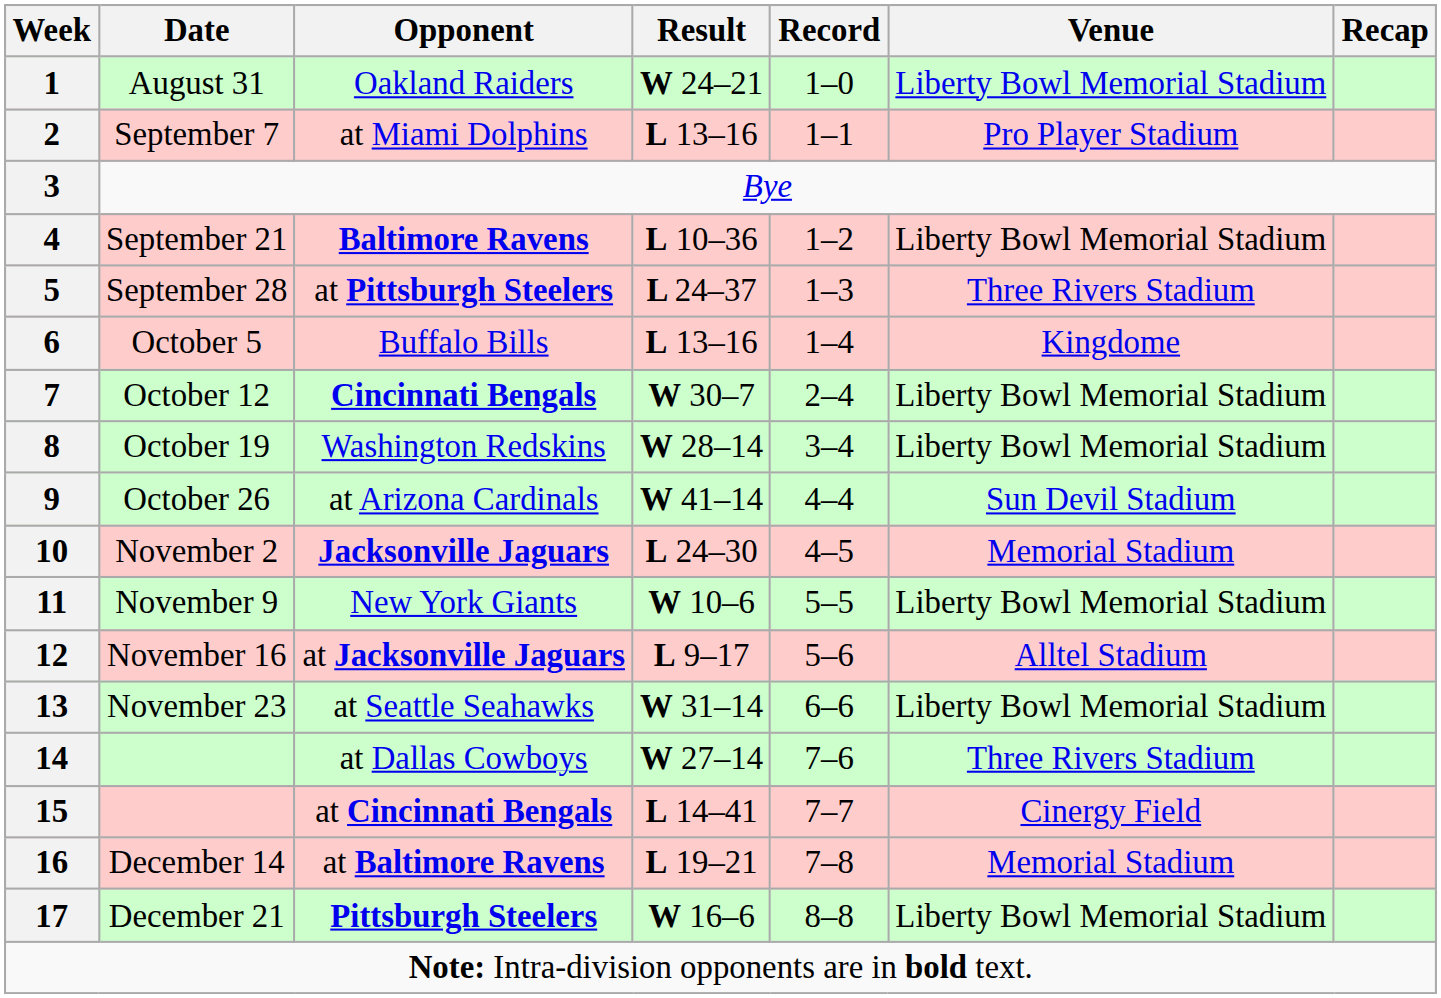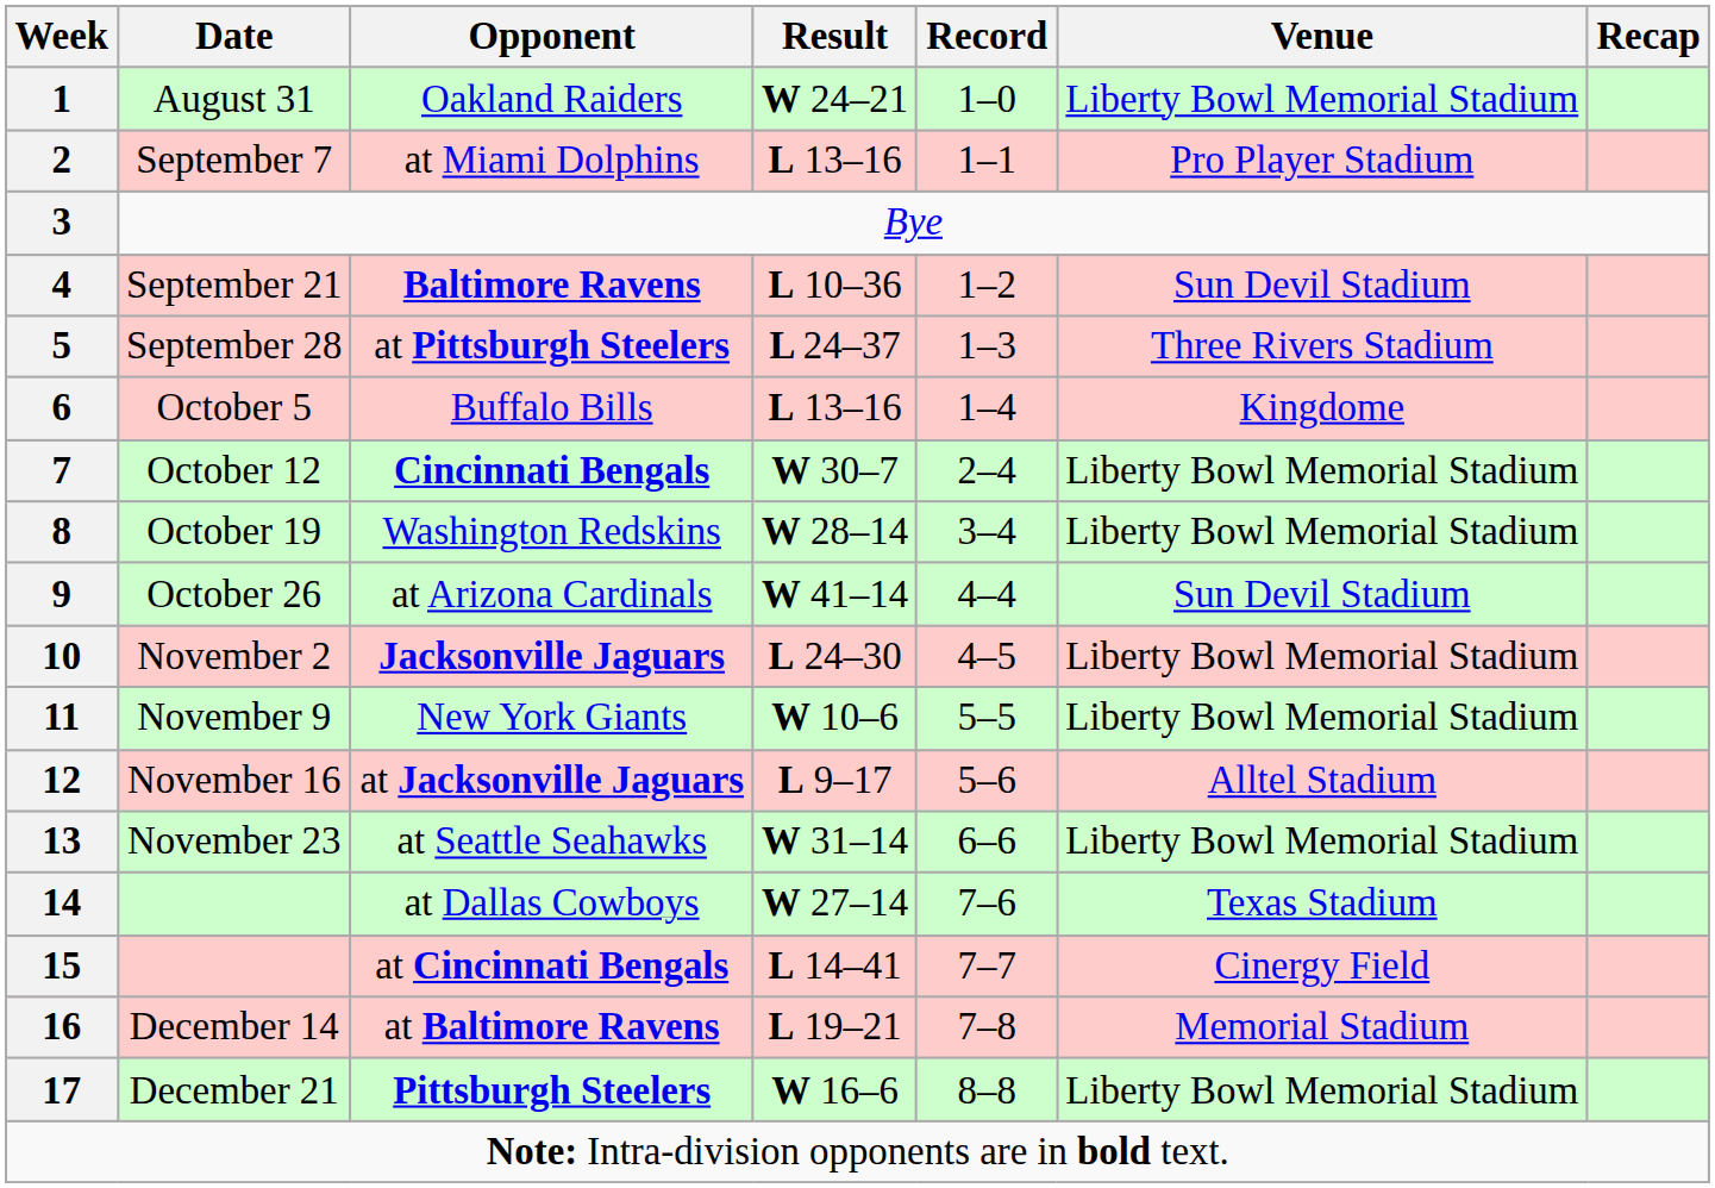 <table class="wikitable" style="text-align:center">
 <tr>
 <th>Week</th>
 <th>Date</th>
 <th>Opponent</th>
 <th>Result</th>
 <th>Record</th>
 <th>Venue</th>
 <th>Recap</th>
 </tr>
 <tr style="background:#cfc">
 <th>1</th>
 <td>August 31</td>
 <td><a href='#'>Oakland Raiders</a></td>
 <td><strong>W</strong> 24–21 </td>
 <td>1–0</td>
 <td><a href='#'>Liberty Bowl Memorial Stadium</a></td>
 <td></td>
 </tr>
 <tr style="background:#fcc">
 <th>2</th>
 <td>September 7</td>
 <td>at <a href='#'>Miami Dolphins</a></td>
 <td><strong>L</strong>  13–16 </td>
 <td>1–1</td>
 <td><a href='#'>Pro Player Stadium</a></td>
 <td></td>
 </tr>
 <tr>
 <th>3</th>
 <td colspan=6 align="center"><em><a href='#'>Bye</a></em></td>
 </tr>
 <tr style="background:#fcc">
 <th>4</th>
 <td>September 21</td>
 <td><strong><a href='#'>Baltimore Ravens</a></strong></td>
 <td><strong>L</strong> 10–36</td>
 <td>1–2</td>
-<td>Liberty Bowl Memorial Stadium</td>
+<td><a href='#'>Sun Devil Stadium</a></td>
 <td></td>
 </tr>
 <tr style="background:#fcc">
 <th>5</th>
 <td>September 28</td>
 <td>at <strong><a href='#'>Pittsburgh Steelers</a></strong></td>
 <td><strong>L </strong> 24–37</td>
 <td>1–3</td>
 <td><a href='#'>Three Rivers Stadium</a></td>
 <td></td>
 </tr>
 <tr style="background:#fcc">
 <th>6</th>
 <td>October 5</td>
 <td><a href='#'>Buffalo Bills</a></td>
 <td><strong>L</strong> 13–16</td>
 <td>1–4</td>
 <td><a href='#'>Kingdome</a></td>
 <td></td>
 </tr>
 <tr style="background:#cfc">
 <th>7</th>
 <td>October 12</td>
 <td><strong><a href='#'>Cincinnati Bengals</a></strong></td>
 <td><strong>W</strong> 30–7</td>
 <td>2–4</td>
 <td>Liberty Bowl Memorial Stadium</td>
 <td></td>
 </tr>
 <tr style="background:#cfc">
 <th>8</th>
 <td>October 19</td>
 <td><a href='#'>Washington Redskins</a></td>
 <td><strong>W</strong> 28–14</td>
 <td>3–4</td>
 <td>Liberty Bowl Memorial Stadium</td>
 <td></td>
 </tr>
 <tr style="background:#cfc">
 <th>9</th>
 <td>October 26</td>
 <td>at <a href='#'>Arizona Cardinals</a></td>
 <td><strong>W</strong> 41–14</td>
 <td>4–4</td>
 <td><a href='#'>Sun Devil Stadium</a></td>
 <td></td>
 </tr>
 <tr style="background:#fcc">
 <th>10</th>
 <td>November 2</td>
 <td><strong><a href='#'>Jacksonville Jaguars</a></strong></td>
 <td><strong>L</strong>  24–30</td>
 <td>4–5</td>
-<td><a href='#'>Memorial Stadium</a></td>
+<td>Liberty Bowl Memorial Stadium</td>
 <td></td>
 </tr>
 <tr style="background:#cfc">
 <th>11</th>
 <td>November 9</td>
 <td><a href='#'>New York Giants</a></td>
 <td><strong>W</strong> 10–6</td>
 <td>5–5</td>
 <td>Liberty Bowl Memorial Stadium</td>
 <td></td>
 </tr>
 <tr style="background:#fcc">
 <th>12</th>
 <td>November 16</td>
 <td>at <strong><a href='#'>Jacksonville Jaguars</a></strong></td>
 <td><strong>L</strong> 9–17</td>
 <td>5–6</td>
 <td><a href='#'>Alltel Stadium</a></td>
 <td></td>
 </tr>
 <tr style="background:#cfc">
 <th>13</th>
 <td>November 23</td>
 <td>at <a href='#'>Seattle Seahawks</a></td>
 <td><strong>W</strong> 31–14</td>
 <td>6–6</td>
 <td>Liberty Bowl Memorial Stadium</td>
 <td></td>
 </tr>
 <tr style="background:#cfc">
 <th>14</th>
 <td></td>
 <td>at <a href='#'>Dallas Cowboys</a></td>
 <td><strong>W</strong> 27–14</td>
 <td>7–6</td>
-<td><a href='#'>Three Rivers Stadium</a></td>
+<td><a href='#'>Texas Stadium</a></td>
 <td></td>
 </tr>
 <tr style="background:#fcc">
 <th>15</th>
 <td></td>
 <td>at <strong><a href='#'>Cincinnati Bengals</a></strong></td>
 <td><strong>L</strong> 14–41</td>
 <td>7–7</td>
 <td><a href='#'>Cinergy Field</a></td>
 <td></td>
 </tr>
 <tr style="background:#fcc">
 <th>16</th>
 <td>December 14</td>
 <td>at <strong><a href='#'> Baltimore Ravens</a></strong></td>
 <td><strong>L</strong> 19–21</td>
 <td>7–8</td>
 <td><a href='#'>Memorial Stadium</a></td>
 <td></td>
 </tr>
 <tr style="background:#cfc">
 <th>17</th>
 <td>December 21</td>
 <td><strong><a href='#'>Pittsburgh Steelers</a></strong></td>
 <td><strong>W</strong> 16–6</td>
 <td>8–8</td>
 <td>Liberty Bowl Memorial Stadium</td>
 <td></td>
 </tr>
 <tr>
 <td colspan="8"><strong>Note:</strong> Intra-division opponents are in <strong>bold</strong> text.</td>
 </tr>
 </table>
